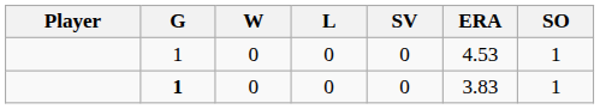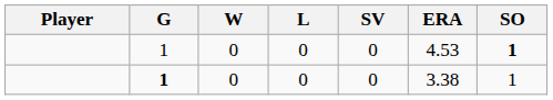 <table class="wikitable sortable">
 <tr>
 <th bgcolor="#DDDDFF" width="16%">Player</th>
 <th bgcolor="#DDDDFF" width="9%">G</th>
 <th bgcolor="#DDDDFF" width="9%">W</th>
 <th bgcolor="#DDDDFF" width="9%">L</th>
 <th bgcolor="#DDDDFF" width="9%">SV</th>
 <th bgcolor="#DDDDFF" width="9%">ERA</th>
 <th bgcolor="#DDDDFF" width="9%">SO</th>
 </tr>
 <tr align="center">
 <td></td>
 <td>1</td>
 <td>0</td>
 <td>0</td>
 <td>0</td>
 <td>4.53</td>
-<td>1</td>
+<td><strong>1</strong></td>
 </tr>
 <tr align="center">
 <td></td>
 <td><strong>1</strong></td>
 <td>0</td>
 <td>0</td>
 <td>0</td>
-<td>3.83</td>
+<td>3.38</td>
 <td>1</td>
 </tr>
 </table>
